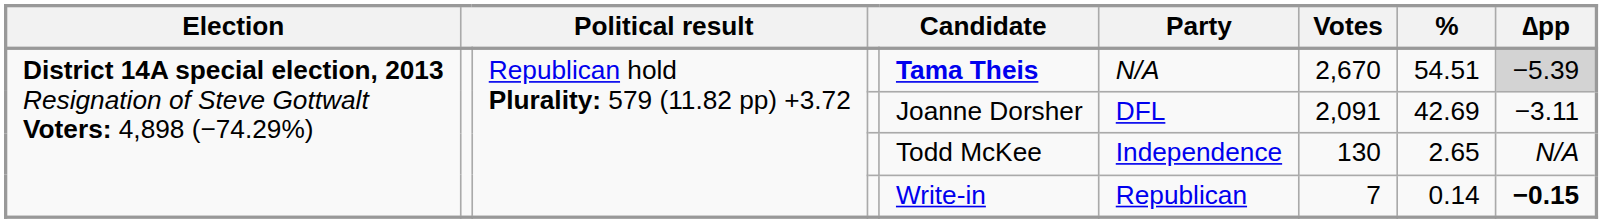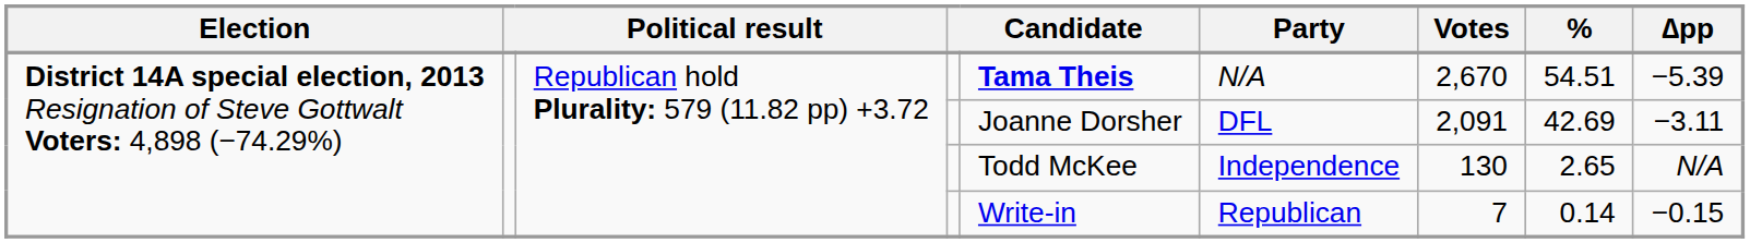 <table class="wikitable">
 <tr style="border: 2px solid #999999">
 <th>Election</th>
 <th align="center" colspan="2">Political result</th>
 <th align="center" colspan="2">Candidate</th>
 <th align="center">Party</th>
 <th align="center">Votes</th>
 <th align="center">%</th>
 <th align="center">∆pp</th>
 </tr>
 <tr style="border-left: 2px solid #999999; border-right: 2px solid #999999">
 <td rowspan="4" valign="top" style="padding:0.2em 0.6em 0.2em 0.6em"><strong>District 14A special election, 2013</strong><br><span><em>Resignation of Steve Gottwalt</em><br><strong>Voters:</strong> 4,898 (−74.29%)</span></td>
 <td rowspan="4" style="background-color:"></td>
 <td rowspan="4" valign="top" style="padding:0.2em 0.6em 0.2em 0.6em"><a href='#'>Republican</a> hold<br><span><strong>Plurality:</strong> 579 (11.82 pp) +3.72</span></td>
 <td style="background-color:"></td>
 <td style="padding:0.2em 0.6em 0.2em 0.6em"><strong><a href='#'>Tama Theis</a></strong></td>
 <td style="padding:0.2em 0.6em 0.2em 0.6em"><em>N/A</em></td>
 <td style="padding:0.2em 0.6em 0.2em 0.6em" align="right">2,670</td>
 <td style="padding:0.2em 0.6em 0.2em 0.6em" align="right">54.51</td>
-<td style="background: lightgrey; padding:0.2em 0.6em 0.2em 0.6em" align="right">−5.39</td>
+<td style="padding:0.2em 0.6em 0.2em 0.6em" align="right">−5.39</td>
 </tr>
 <tr style="border-left: 2px solid #999999; border-right: 2px solid #999999">
 <td style="background-color:"></td>
 <td style="padding:0.2em 0.6em 0.2em 0.6em">Joanne Dorsher</td>
 <td style="padding:0.2em 0.6em 0.2em 0.6em"><a href='#'>DFL</a></td>
 <td style="padding:0.2em 0.6em 0.2em 0.6em" align="right">2,091</td>
 <td style="padding:0.2em 0.6em 0.2em 0.6em" align="right">42.69</td>
 <td style="padding:0.2em 0.6em 0.2em 0.6em" align="right">−3.11</td>
 </tr>
 <tr style="border-left: 2px solid #999999; border-right: 2px solid #999999">
 <td style="background-color:"></td>
 <td style="padding:0.2em 0.6em 0.2em 0.6em">Todd McKee</td>
 <td style="padding:0.2em 0.6em 0.2em 0.6em"><a href='#'>Independence</a></td>
 <td style="padding:0.2em 0.6em 0.2em 0.6em" align="right">130</td>
 <td style="padding:0.2em 0.6em 0.2em 0.6em" align="right">2.65</td>
 <td style="padding:0.2em 0.6em 0.2em 0.6em" align="right"><em>N/A</em></td>
 </tr>
 <tr style="border-left: 2px solid #999999; border-right: 2px solid #999999; border-bottom: 2px solid #999999">
 <td style="background-color:"></td>
 <td style="padding:0.2em 0.6em 0.2em 0.6em"><a href='#'>Write-in</a></td>
 <td style="padding:0.2em 0.6em 0.2em 0.6em"><a href='#'>Republican</a></td>
 <td style="padding:0.2em 0.6em 0.2em 0.6em" align="right">7</td>
 <td style="padding:0.2em 0.6em 0.2em 0.6em" align="right">0.14</td>
-<td style="padding:0.2em 0.6em 0.2em 0.6em" align="right"><strong>−0.15</strong></td>
+<td style="padding:0.2em 0.6em 0.2em 0.6em" align="right">−0.15</td>
 </tr>
 </table>
